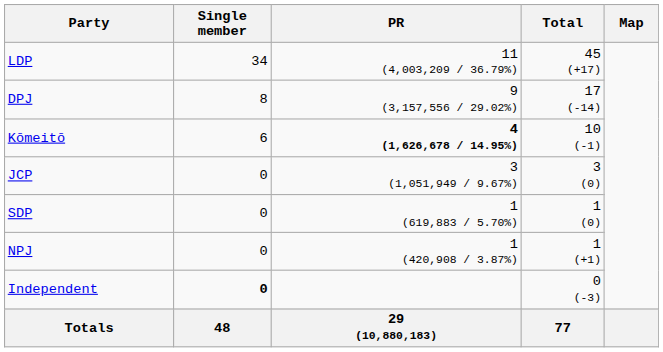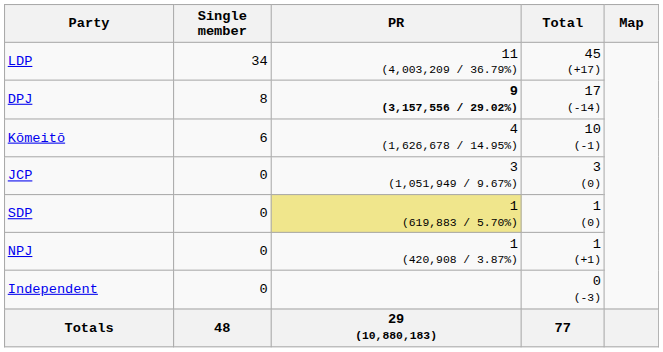 <table class="wikitable" width="100%">
 <tr>
 <th>Party</th>
 <th>Single<br>member</th>
 <th>PR</th>
 <th>Total</th>
 <th>Map</th>
 </tr>
 <tr>
 <td><a href='#'>LDP</a></td>
 <td align="right">34</td>
 <td align="right">11<br><small>(4,003,209 / 36.79%)</small></td>
 <td align="right">45<br><small>(+17)</small></td>
 <td rowspan=7 align="center"></td>
 </tr>
 <tr>
 <td><a href='#'>DPJ</a></td>
 <td align="right">8</td>
-<td align="right">9<br><small>(3,157,556 / 29.02%)</small></td>
+<td align="right"><strong>9<br><small>(3,157,556 / 29.02%)</small></strong></td>
 <td align="right">17<br><small>(-14)</small></td>
 </tr>
 <tr>
 <td><a href='#'>Kōmeitō</a></td>
 <td align="right">6</td>
-<td align="right"><strong>4<br><small>(1,626,678 / 14.95%)</small></strong></td>
+<td align="right">4<br><small>(1,626,678 / 14.95%)</small></td>
 <td align="right">10<br><small>(-1)</small></td>
 </tr>
 <tr>
 <td><a href='#'>JCP</a></td>
 <td align="right">0</td>
 <td align="right">3<br><small>(1,051,949 / 9.67%)</small></td>
 <td align="right">3<br><small>(0)</small></td>
 </tr>
 <tr>
 <td><a href='#'>SDP</a></td>
 <td align="right">0</td>
-<td align="right">1<br><small>(619,883 / 5.70%)</small></td>
+<td align="right" style="background: khaki;">1<br><small>(619,883 / 5.70%)</small></td>
 <td align="right">1<br><small>(0)</small></td>
 </tr>
 <tr>
 <td><a href='#'>NPJ</a></td>
 <td align="right">0</td>
 <td align="right">1<br><small>(420,908 / 3.87%)</small></td>
 <td align="right">1<br><small>(+1)</small></td>
 </tr>
 <tr>
 <td><a href='#'>Independent</a></td>
-<td align="right"><strong>0</strong></td>
+<td align="right">0</td>
 <td align="right"></td>
 <td align="right">0<br><small>(-3)</small></td>
 </tr>
 <tr bgcolor=lightgrey>
 <th><strong>Totals</strong></th>
 <th align="right">48</th>
 <th align="right">29<br><small>(10,880,183)</small></th>
 <th align="right">77</th>
 <th></th>
 </tr>
 </table>
